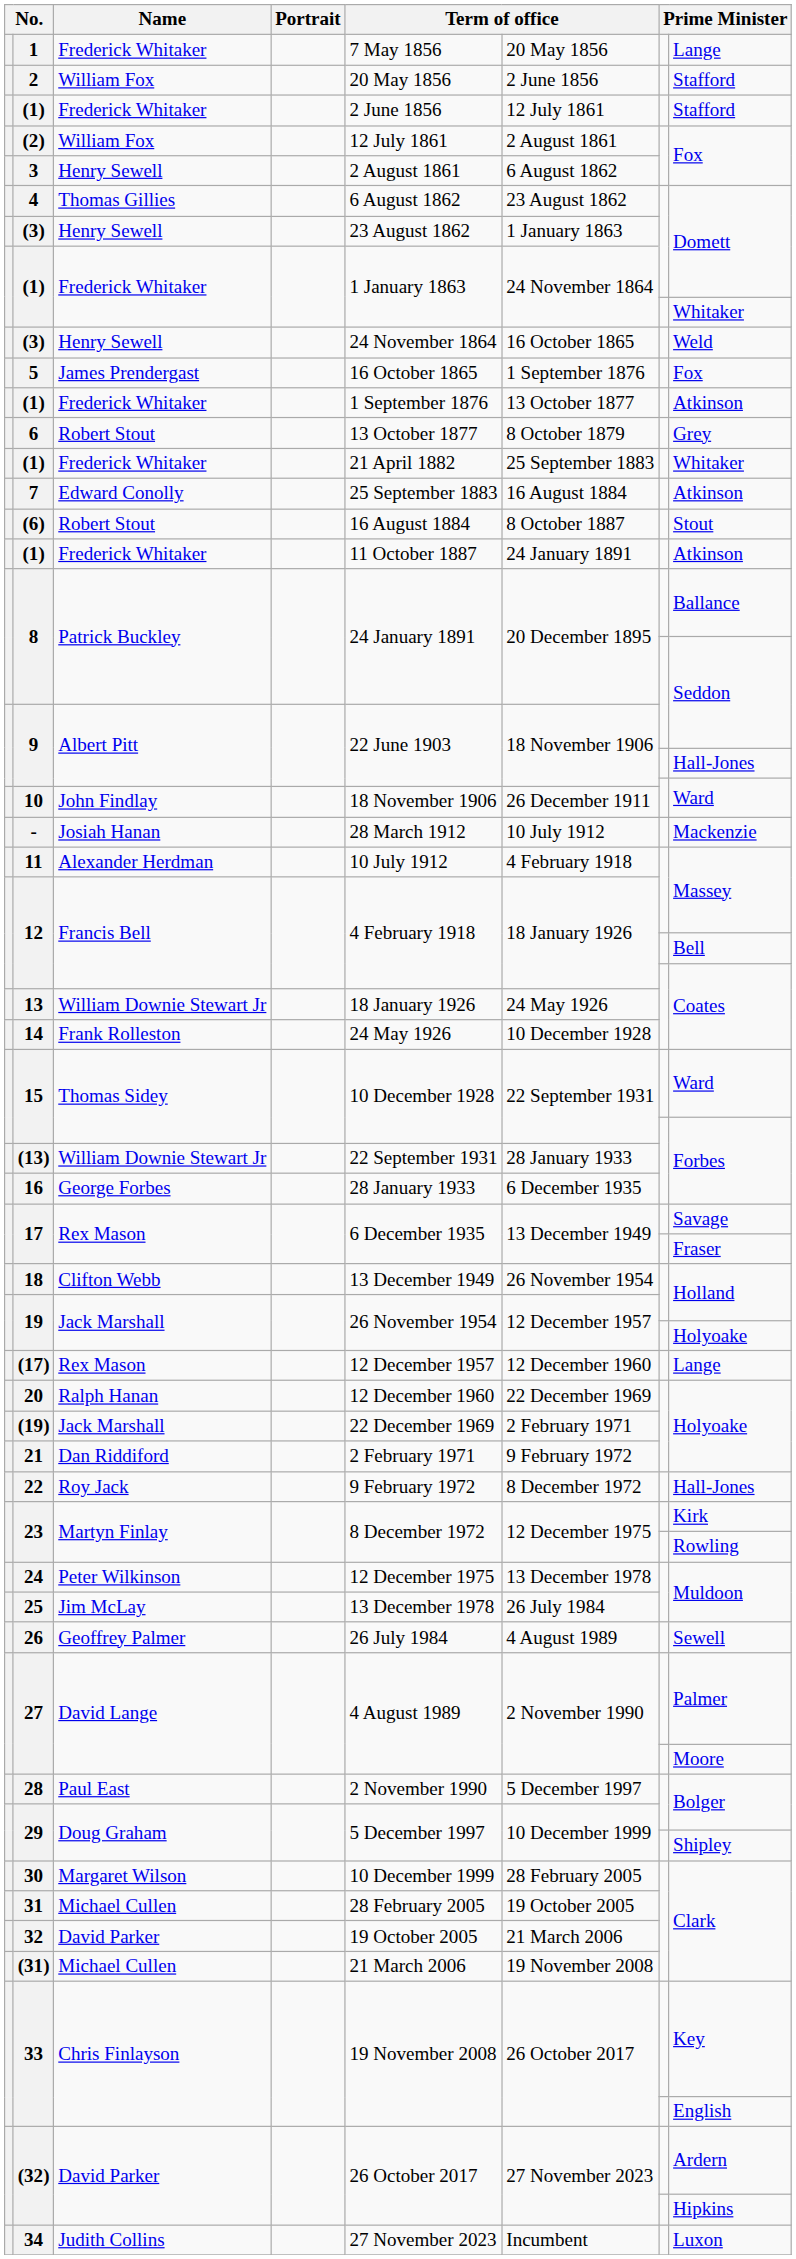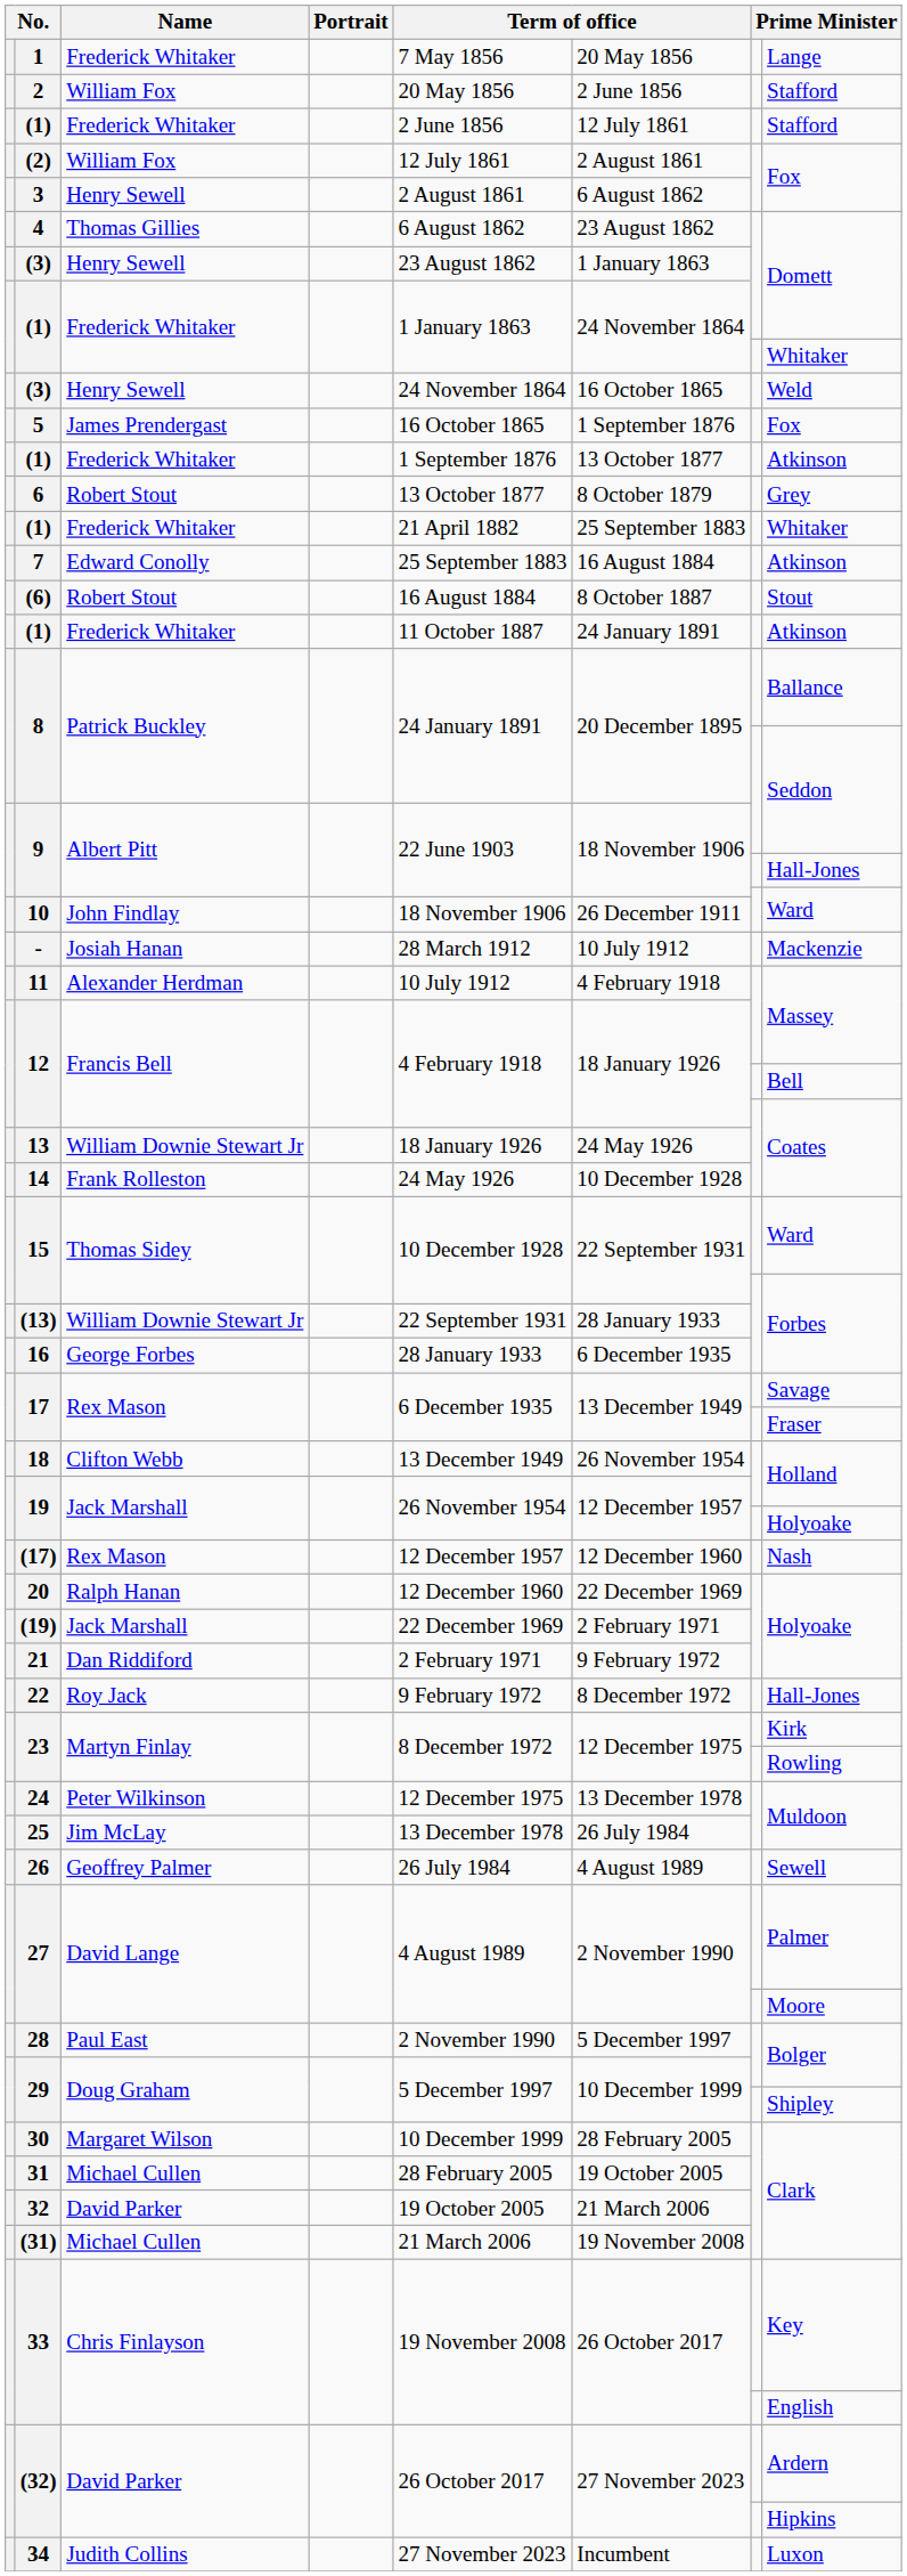 <table class="wikitable">
 <tr>
 <th colspan=2>No.</th>
 <th>Name</th>
 <th>Portrait</th>
 <th colspan=2>Term of office</th>
 <th colspan=2>Prime Minister</th>
 </tr>
 <tr>
 <th style="color:inherit;background:"></th>
 <th>1</th>
 <td><a href='#'>Frederick Whitaker</a></td>
 <td></td>
 <td>7 May 1856</td>
 <td>20 May 1856</td>
 <td width=1 style="color:inherit;background:"></td>
 <td><a href='#'>Lange</a></td>
 </tr>
 <tr>
 <th style="color:inherit;background:"></th>
 <th>2</th>
 <td><a href='#'>William Fox</a></td>
 <td></td>
 <td>20 May 1856</td>
 <td>2 June 1856</td>
 <td style="color:inherit;background:"></td>
 <td><a href='#'>Stafford</a></td>
 </tr>
 <tr>
 <th style="color:inherit;background:"></th>
 <th>(1)</th>
 <td><a href='#'>Frederick Whitaker</a></td>
 <td></td>
 <td>2 June 1856</td>
 <td>12 July 1861</td>
 <td style="color:inherit;background:"></td>
 <td><a href='#'>Stafford</a></td>
 </tr>
 <tr>
 <th style="color:inherit;background:"></th>
 <th>(2)</th>
 <td><a href='#'>William Fox</a></td>
 <td></td>
 <td>12 July 1861</td>
 <td>2 August 1861</td>
 <td rowspan=2 style="color:inherit;background:"></td>
 <td rowspan=2><a href='#'>Fox</a></td>
 </tr>
 <tr>
 <th style="color:inherit;background:"></th>
 <th>3</th>
 <td><a href='#'>Henry Sewell</a></td>
 <td></td>
 <td>2 August 1861</td>
 <td>6 August 1862</td>
 </tr>
 <tr>
 <th style="color:inherit;background:"></th>
 <th>4</th>
 <td><a href='#'>Thomas Gillies</a></td>
 <td></td>
 <td>6 August 1862</td>
 <td>23 August 1862</td>
 <td rowspan=2 style="border-bottom:solid 0 grey; background:"></td>
 <td rowspan=3><a href='#'>Domett</a></td>
 </tr>
 <tr>
 <th style="color:inherit;background:"></th>
 <th>(3)</th>
 <td><a href='#'>Henry Sewell</a></td>
 <td></td>
 <td>23 August 1862</td>
 <td>1 January 1863</td>
 </tr>
 <tr>
 <th rowspan=2 style="color:inherit;background:"></th>
 <th rowspan=2>(1)</th>
 <td rowspan=2><a href='#'>Frederick Whitaker</a></td>
 <td rowspan=2></td>
 <td rowspan=2>1 January 1863</td>
 <td rowspan=2>24 November 1864</td>
 <td height=36 style="border-top:solid 0 grey; background:"></td>
 </tr>
 <tr>
 <td style="color:inherit;background:"></td>
 <td><a href='#'>Whitaker</a></td>
 </tr>
 <tr>
 <th style="color:inherit;background:"></th>
 <th>(3)</th>
 <td><a href='#'>Henry Sewell</a></td>
 <td></td>
 <td>24 November 1864</td>
 <td>16 October 1865</td>
 <td style="color:inherit;background:"></td>
 <td><a href='#'>Weld</a></td>
 </tr>
 <tr>
 <th style="color:inherit;background:"></th>
 <th>5</th>
 <td><a href='#'>James Prendergast</a></td>
 <td></td>
 <td>16 October 1865</td>
 <td>1 September 1876</td>
 <td style="color:inherit;background:"></td>
 <td><a href='#'>Fox</a></td>
 </tr>
 <tr>
 <th style="color:inherit;background:"></th>
 <th>(1)</th>
 <td><a href='#'>Frederick Whitaker</a></td>
 <td></td>
 <td>1 September 1876</td>
 <td>13 October 1877</td>
 <td style="color:inherit;background:"></td>
 <td><a href='#'>Atkinson</a></td>
 </tr>
 <tr>
 <th style="color:inherit;background:"></th>
 <th>6</th>
 <td><a href='#'>Robert Stout</a></td>
 <td></td>
 <td>13 October 1877</td>
 <td>8 October 1879</td>
 <td style="color:inherit;background:"></td>
 <td><a href='#'>Grey</a></td>
 </tr>
 <tr>
 <th style="color:inherit;background:"></th>
 <th>(1)</th>
 <td><a href='#'>Frederick Whitaker</a></td>
 <td></td>
 <td>21 April 1882</td>
 <td>25 September 1883</td>
 <td style="color:inherit;background:"></td>
 <td><a href='#'>Whitaker</a></td>
 </tr>
 <tr>
 <th style="color:inherit;background:"></th>
 <th>7</th>
 <td><a href='#'>Edward Conolly</a></td>
 <td></td>
 <td>25 September 1883</td>
 <td>16 August 1884</td>
 <td style="color:inherit;background:"></td>
 <td><a href='#'>Atkinson</a></td>
 </tr>
 <tr>
 <th style="color:inherit;background:"></th>
 <th>(6)</th>
 <td><a href='#'>Robert Stout</a></td>
 <td></td>
 <td>16 August 1884</td>
 <td>8 October 1887</td>
 <td style="color:inherit;background:"></td>
 <td><a href='#'>Stout</a></td>
 </tr>
 <tr>
 <th style="color:inherit;background:"></th>
 <th>(1)</th>
 <td><a href='#'>Frederick Whitaker</a></td>
 <td></td>
 <td>11 October 1887</td>
 <td>24 January 1891</td>
 <td style="color:inherit;background:"></td>
 <td><a href='#'>Atkinson</a></td>
 </tr>
 <tr>
 <th height=50 style="border-bottom:solid 0 grey; background:"></th>
 <th rowspan=2>8</th>
 <td rowspan=2><a href='#'>Patrick Buckley</a></td>
 <td rowspan=2></td>
 <td rowspan=2>24 January 1891</td>
 <td rowspan=2>20 December 1895</td>
 <td style="border-bottom:solid 0 grey; background:"></td>
 <td><a href='#'>Ballance</a></td>
 </tr>
 <tr>
 <th height=50 style="border-top:solid 0 grey; background:"></th>
 <td style="border-bottom:solid 0 grey; background:"></td>
 <td rowspan=2><a href='#'>Seddon</a></td>
 </tr>
 <tr>
 <th rowspan=3 style="color:inherit;background:"></th>
 <th rowspan=3>9</th>
 <td rowspan=3><a href='#'>Albert Pitt</a></td>
 <td rowspan=3></td>
 <td rowspan=3>22 June 1903</td>
 <td rowspan=3>18 November 1906</td>
 <td height=30 style="border-top:solid 0 grey; background:"></td>
 </tr>
 <tr>
 <td style="color:inherit;background:"></td>
 <td><a href='#'>Hall-Jones</a></td>
 </tr>
 <tr>
 <td style="border-bottom:solid 0 grey; background:"></td>
 <td rowspan=2><a href='#'>Ward</a></td>
 </tr>
 <tr>
 <th style="color:inherit;background:"></th>
 <th>10</th>
 <td><a href='#'>John Findlay</a></td>
 <td></td>
 <td>18 November 1906</td>
 <td>26 December 1911</td>
 <td style="border-top:solid 0 grey; background:"></td>
 </tr>
 <tr>
 <th style="color:inherit;background:"></th>
 <th>-</th>
 <td><a href='#'>Josiah Hanan</a><br></td>
 <td></td>
 <td>28 March 1912</td>
 <td>10 July 1912</td>
 <td style="color:inherit;background:"></td>
 <td><a href='#'>Mackenzie</a></td>
 </tr>
 <tr>
 <th style="color:inherit;background:"></th>
 <th>11</th>
 <td><a href='#'>Alexander Herdman</a></td>
 <td></td>
 <td>10 July 1912</td>
 <td>4 February 1918</td>
 <td style="border-bottom:solid 0 grey; background:"></td>
 <td rowspan=2><a href='#'>Massey</a></td>
 </tr>
 <tr>
 <th rowspan=3 style="color:inherit;background:"></th>
 <th rowspan=3>12</th>
 <td rowspan=3><a href='#'>Francis Bell</a></td>
 <td rowspan=3></td>
 <td rowspan=3>4 February 1918</td>
 <td rowspan=3>18 January 1926</td>
 <td height=40 style="border-top:solid 0 grey; background:"></td>
 </tr>
 <tr>
 <td height=15 style="color:inherit;background:"></td>
 <td><a href='#'>Bell</a></td>
 </tr>
 <tr>
 <td height=15 style="border-bottom:solid 0 grey; background:"></td>
 <td rowspan=3><a href='#'>Coates</a></td>
 </tr>
 <tr>
 <th style="color:inherit;background:"></th>
 <th>13</th>
 <td><a href='#'>William Downie Stewart Jr</a></td>
 <td></td>
 <td>18 January 1926</td>
 <td>24 May 1926</td>
 <td rowspan=2 style="border-top:solid 0 grey; background:"></td>
 </tr>
 <tr>
 <th style="color:inherit;background:"></th>
 <th>14</th>
 <td><a href='#'>Frank Rolleston</a></td>
 <td></td>
 <td>24 May 1926</td>
 <td>10 December 1928</td>
 </tr>
 <tr>
 <th height=50 style="border-bottom:solid 0 grey; background:"></th>
 <th rowspan=2>15</th>
 <td rowspan=2><a href='#'>Thomas Sidey</a></td>
 <td rowspan=2></td>
 <td rowspan=2>10 December 1928</td>
 <td rowspan=2>22 September 1931</td>
 <td style="color:inherit;background:"></td>
 <td><a href='#'>Ward</a></td>
 </tr>
 <tr>
 <th height=15 style="border-top:solid 0 grey; background:"></th>
 <td style="border-bottom:solid 0 grey; background:"></td>
 <td rowspan=3><a href='#'>Forbes</a></td>
 </tr>
 <tr>
 <th style="color:inherit;background:"></th>
 <th>(13)</th>
 <td><a href='#'>William Downie Stewart Jr</a></td>
 <td></td>
 <td>22 September 1931</td>
 <td>28 January 1933</td>
 <td rowspan=2 style="border-top:solid 0 grey; background:"></td>
 </tr>
 <tr>
 <th style="color:inherit;background:"></th>
 <th>16</th>
 <td><a href='#'>George Forbes</a></td>
 <td></td>
 <td>28 January 1933</td>
 <td>6 December 1935</td>
 </tr>
 <tr>
 <th rowspan=2 style="color:inherit;background:"></th>
 <th rowspan=2>17</th>
 <td rowspan=2><a href='#'>Rex Mason</a></td>
 <td rowspan=2></td>
 <td rowspan=2>6 December 1935</td>
 <td rowspan=2>13 December 1949</td>
 <td style="color:inherit;background:"></td>
 <td><a href='#'>Savage</a></td>
 </tr>
 <tr>
 <td style="color:inherit;background:"></td>
 <td><a href='#'>Fraser</a></td>
 </tr>
 <tr>
 <th style="color:inherit;background:"></th>
 <th>18</th>
 <td><a href='#'>Clifton Webb</a></td>
 <td></td>
 <td>13 December 1949</td>
 <td>26 November 1954</td>
 <td rowspan="2" style="color:inherit;background:"></td>
 <td rowspan="2"><a href='#'>Holland</a></td>
 </tr>
 <tr>
 <th height=15 style="border-bottom:solid 0 grey; background:"></th>
 <th rowspan="2">19</th>
 <td rowspan="2"><a href='#'>Jack Marshall</a></td>
 <td rowspan="2"></td>
 <td rowspan="2">26 November 1954</td>
 <td rowspan="2">12 December 1957</td>
 </tr>
 <tr>
 <th height=15 style="border-top:solid 0 grey; background:"></th>
 <td style="color:inherit;background:"></td>
 <td><a href='#'>Holyoake</a></td>
 </tr>
 <tr>
 <th style="color:inherit;background:"></th>
 <th>(17)</th>
 <td><a href='#'>Rex Mason</a></td>
 <td></td>
 <td>12 December 1957</td>
 <td>12 December 1960</td>
 <td style="color:inherit;background:"></td>
-<td><a href='#'>Lange</a></td>
+<td><a href='#'>Nash</a></td>
 </tr>
 <tr>
 <th style="color:inherit;background:"></th>
 <th>20</th>
 <td><a href='#'>Ralph Hanan</a></td>
 <td></td>
 <td>12 December 1960</td>
 <td>22 December 1969</td>
 <td rowspan="3" style="color:inherit;background:"></td>
 <td rowspan="3"><a href='#'>Holyoake</a></td>
 </tr>
 <tr>
 <th style="color:inherit;background:"></th>
 <th>(19)</th>
 <td><a href='#'>Jack Marshall</a></td>
 <td></td>
 <td>22 December 1969</td>
 <td>2 February 1971</td>
 </tr>
 <tr>
 <th style="color:inherit;background:"></th>
 <th>21</th>
 <td><a href='#'>Dan Riddiford</a></td>
 <td></td>
 <td>2 February 1971</td>
 <td>9 February 1972</td>
 </tr>
 <tr>
 <th style="color:inherit;background:"></th>
 <th>22</th>
 <td><a href='#'>Roy Jack</a></td>
 <td></td>
 <td>9 February 1972</td>
 <td>8 December 1972</td>
 <td style="color:inherit;background:"></td>
 <td><a href='#'>Hall-Jones</a></td>
 </tr>
 <tr>
 <th rowspan=2 style="color:inherit;background:"></th>
 <th rowspan=2>23</th>
 <td rowspan=2><a href='#'>Martyn Finlay</a></td>
 <td rowspan=2></td>
 <td rowspan=2>8 December 1972</td>
 <td rowspan=2>12 December 1975</td>
 <td style="color:inherit;background:"></td>
 <td><a href='#'>Kirk</a></td>
 </tr>
 <tr>
 <td style="color:inherit;background:"></td>
 <td><a href='#'>Rowling</a></td>
 </tr>
 <tr>
 <th style="color:inherit;background:"></th>
 <th>24</th>
 <td><a href='#'>Peter Wilkinson</a></td>
 <td></td>
 <td>12 December 1975</td>
 <td>13 December 1978</td>
 <td rowspan="2" style="color:inherit;background:"></td>
 <td rowspan="2"><a href='#'>Muldoon</a></td>
 </tr>
 <tr>
 <th style="color:inherit;background:"></th>
 <th>25</th>
 <td><a href='#'>Jim McLay</a></td>
 <td></td>
 <td>13 December 1978</td>
 <td>26 July 1984</td>
 </tr>
 <tr>
 <th style="color:inherit;background:"></th>
 <th>26</th>
 <td><a href='#'>Geoffrey Palmer</a></td>
 <td></td>
 <td>26 July 1984</td>
 <td>4 August 1989</td>
 <td style="color:inherit;background:"></td>
 <td><a href='#'>Sewell</a></td>
 </tr>
 <tr>
 <th height=70 style="border-bottom:solid 0 grey; background:"></th>
 <th rowspan=2>27</th>
 <td rowspan=2><a href='#'>David Lange</a></td>
 <td rowspan=2></td>
 <td rowspan=2>4 August 1989</td>
 <td rowspan=2>2 November 1990</td>
 <td style="color:inherit;background:"></td>
 <td><a href='#'>Palmer</a></td>
 </tr>
 <tr>
 <th height=15 style="border-top:solid 0 grey; background:"></th>
 <td style="color:inherit;background:"></td>
 <td><a href='#'>Moore</a></td>
 </tr>
 <tr>
 <th style="color:inherit;background:"></th>
 <th>28</th>
 <td><a href='#'>Paul East</a></td>
 <td></td>
 <td>2 November 1990</td>
 <td>5 December 1997</td>
 <td rowspan="2" style="color:inherit;background:"></td>
 <td rowspan="2"><a href='#'>Bolger</a></td>
 </tr>
 <tr>
 <th height=15 style="border-bottom:solid 0 grey; background:"></th>
 <th rowspan="2">29</th>
 <td rowspan="2"><a href='#'>Doug Graham</a></td>
 <td rowspan="2"></td>
 <td rowspan="2">5 December 1997</td>
 <td rowspan="2">10 December 1999</td>
 </tr>
 <tr>
 <th height=15 style="border-top:solid 0 grey; background:"></th>
 <td style="color:inherit;background:"></td>
 <td><a href='#'>Shipley</a></td>
 </tr>
 <tr>
 <th style="color:inherit;background:"></th>
 <th>30</th>
 <td><a href='#'>Margaret Wilson</a></td>
 <td></td>
 <td>10 December 1999</td>
 <td>28 February 2005</td>
 <td rowspan="4" style="color:inherit;background:"></td>
 <td rowspan="4"><a href='#'>Clark</a></td>
 </tr>
 <tr>
 <th style="color:inherit;background:"></th>
 <th>31</th>
 <td><a href='#'>Michael Cullen</a></td>
 <td></td>
 <td>28 February 2005</td>
 <td>19 October 2005</td>
 </tr>
 <tr>
 <th style="color:inherit;background:"></th>
 <th>32</th>
 <td><a href='#'>David Parker</a></td>
 <td></td>
 <td>19 October 2005</td>
 <td>21 March 2006</td>
 </tr>
 <tr>
 <th style="color:inherit;background:"></th>
 <th>(31)</th>
 <td><a href='#'>Michael Cullen</a></td>
 <td></td>
 <td>21 March 2006</td>
 <td>19 November 2008</td>
 </tr>
 <tr>
 <th height=90 style="border-bottom:solid 0 grey; background:"></th>
 <th rowspan=2>33</th>
 <td rowspan=2><a href='#'>Chris Finlayson</a></td>
 <td rowspan=2></td>
 <td rowspan=2>19 November 2008</td>
 <td rowspan=2>26 October 2017</td>
 <td style="color:inherit;background:"></td>
 <td><a href='#'>Key</a></td>
 </tr>
 <tr>
 <th height=15 style="border-top:solid 0 grey; background:"></th>
 <td style="color:inherit;background:"></td>
 <td><a href='#'>English</a></td>
 </tr>
 <tr>
 <th height=50 style="border-bottom:solid 0 grey; background:"></th>
 <th rowspan="2">(32)</th>
 <td rowspan="2"><a href='#'>David Parker</a></td>
 <td rowspan="2"></td>
 <td rowspan="2">26 October 2017</td>
 <td rowspan="2">27 November 2023</td>
 <td style="color:inherit;background:"></td>
 <td><a href='#'>Ardern</a></td>
 </tr>
 <tr>
 <th height=15 style="border-top:solid 0 grey; background:"></th>
 <td style="color:inherit;background:"></td>
 <td><a href='#'>Hipkins</a></td>
 </tr>
 <tr>
 <th style="color:inherit;background:"></th>
 <th>34</th>
 <td><a href='#'>Judith Collins</a></td>
 <td></td>
 <td>27 November 2023</td>
 <td>Incumbent</td>
 <td style="color:inherit;background:"></td>
 <td><a href='#'>Luxon</a></td>
 </tr>
 </table>
